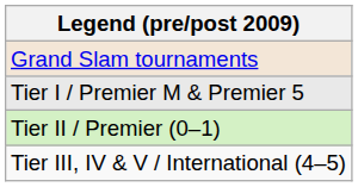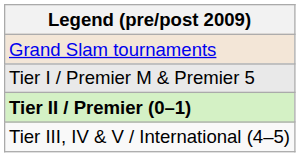 <table class="wikitable" style="text-align:left; font-size:90%">
 <tr>
 <th>Legend (pre/post 2009)</th>
 </tr>
 <tr>
 <td bgcolor="#F3E6D7"><a href='#'>Grand Slam tournaments</a></td>
 </tr>
 <tr>
 <td bgcolor="#e9e9e9">Tier I / Premier M & Premier 5</td>
 </tr>
 <tr>
-<td bgcolor="#d4f1c5">Tier II / Premier (0–1)</td>
+<td bgcolor="#d4f1c5"><strong>Tier II / Premier (0–1)</strong></td>
 </tr>
 <tr>
 <td>Tier III, IV & V / International (4–5)</td>
 </tr>
 </table>
